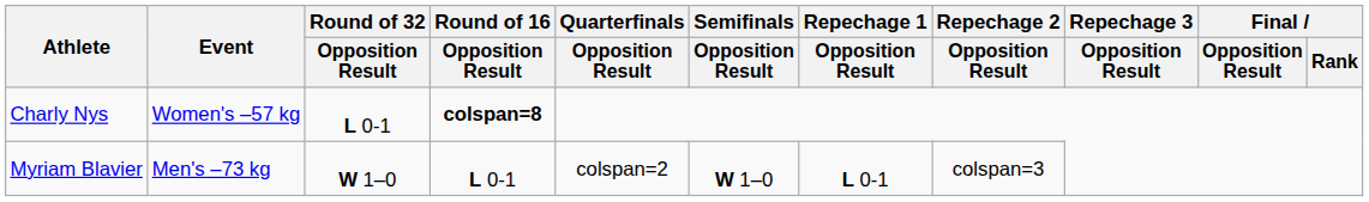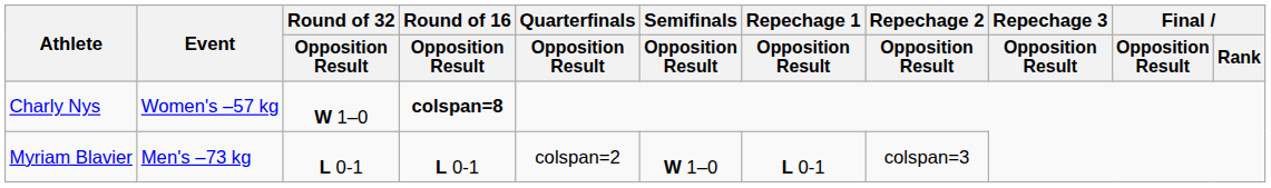 <table class="wikitable" style="text-align:center; font-size:90%">
 <tr>
 <th rowspan=2>Athlete</th>
 <th rowspan=2>Event</th>
 <th>Round of 32</th>
 <th>Round of 16</th>
 <th>Quarterfinals</th>
 <th>Semifinals</th>
 <th>Repechage 1</th>
 <th>Repechage 2</th>
 <th>Repechage 3</th>
 <th colspan=2>Final / </th>
 </tr>
 <tr style="font-size:95%">
 <th>Opposition<br>Result</th>
 <th>Opposition<br>Result</th>
 <th>Opposition<br>Result</th>
 <th>Opposition<br>Result</th>
 <th>Opposition<br>Result</th>
 <th>Opposition<br>Result</th>
 <th>Opposition<br>Result</th>
 <th>Opposition<br>Result</th>
 <th>Rank</th>
 </tr>
 <tr>
 <td align=left><a href='#'>Charly Nys</a></td>
 <td align=left><a href='#'>Women's –57 kg</a></td>
-<td><br><strong>L</strong> 0-1</td>
+<td><br><strong>W</strong> 1–0</td>
 <td><strong>colspan=8 </strong></td>
 </tr>
 <tr>
 <td align=left><a href='#'>Myriam Blavier</a></td>
 <td align=left><a href='#'>Men's –73 kg</a></td>
-<td><br><strong>W</strong> 1–0</td>
+<td><br><strong>L</strong> 0-1</td>
 <td><br><strong>L</strong> 0-1</td>
 <td>colspan=2 </td>
 <td><br><strong>W</strong> 1–0</td>
 <td><br><strong>L</strong> 0-1</td>
 <td>colspan=3 </td>
 </tr>
 </table>
